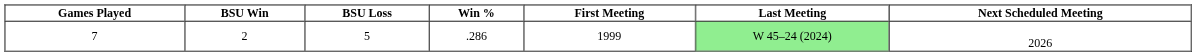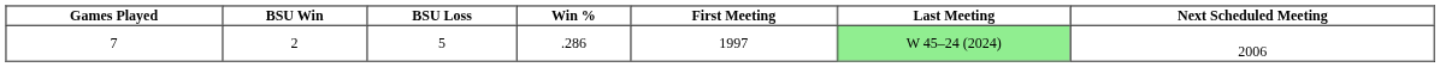 <table cellpadding="1" border="1" cellspacing="0" style="width:100%;">
 <tr>
 <th>Games Played</th>
 <th>BSU Win</th>
 <th>BSU Loss</th>
 <th>Win %</th>
 <th>First Meeting</th>
 <th>Last Meeting</th>
 <th>Next Scheduled Meeting</th>
 </tr>
 <tr style="text-align:center;">
 <td>7</td>
 <td>2</td>
 <td>5</td>
 <td>.286</td>
-<td>1999</td>
+<td>1997</td>
 <td style="background: lightgreen;">W 45–24 (2024)</td>
-<td><br>2026</td>
+<td><br>2006</td>
 </tr>
 </table>
